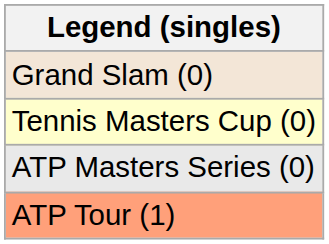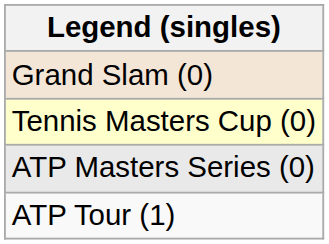 <table class="wikitable sortable mw-collapsible mw-collapsed">
 <tr>
 <th>Legend (singles)</th>
 </tr>
 <tr bgcolor="#f3e6d7">
 <td>Grand Slam (0)</td>
 </tr>
 <tr bgcolor="ffffcc">
 <td>Tennis Masters Cup (0)</td>
 </tr>
 <tr bgcolor="#e9e9e9">
 <td>ATP Masters Series (0)</td>
 </tr>
 <tr>
-<td style="background: lightsalmon;">ATP Tour (1)</td>
+<td>ATP Tour (1)</td>
 </tr>
 </table>
